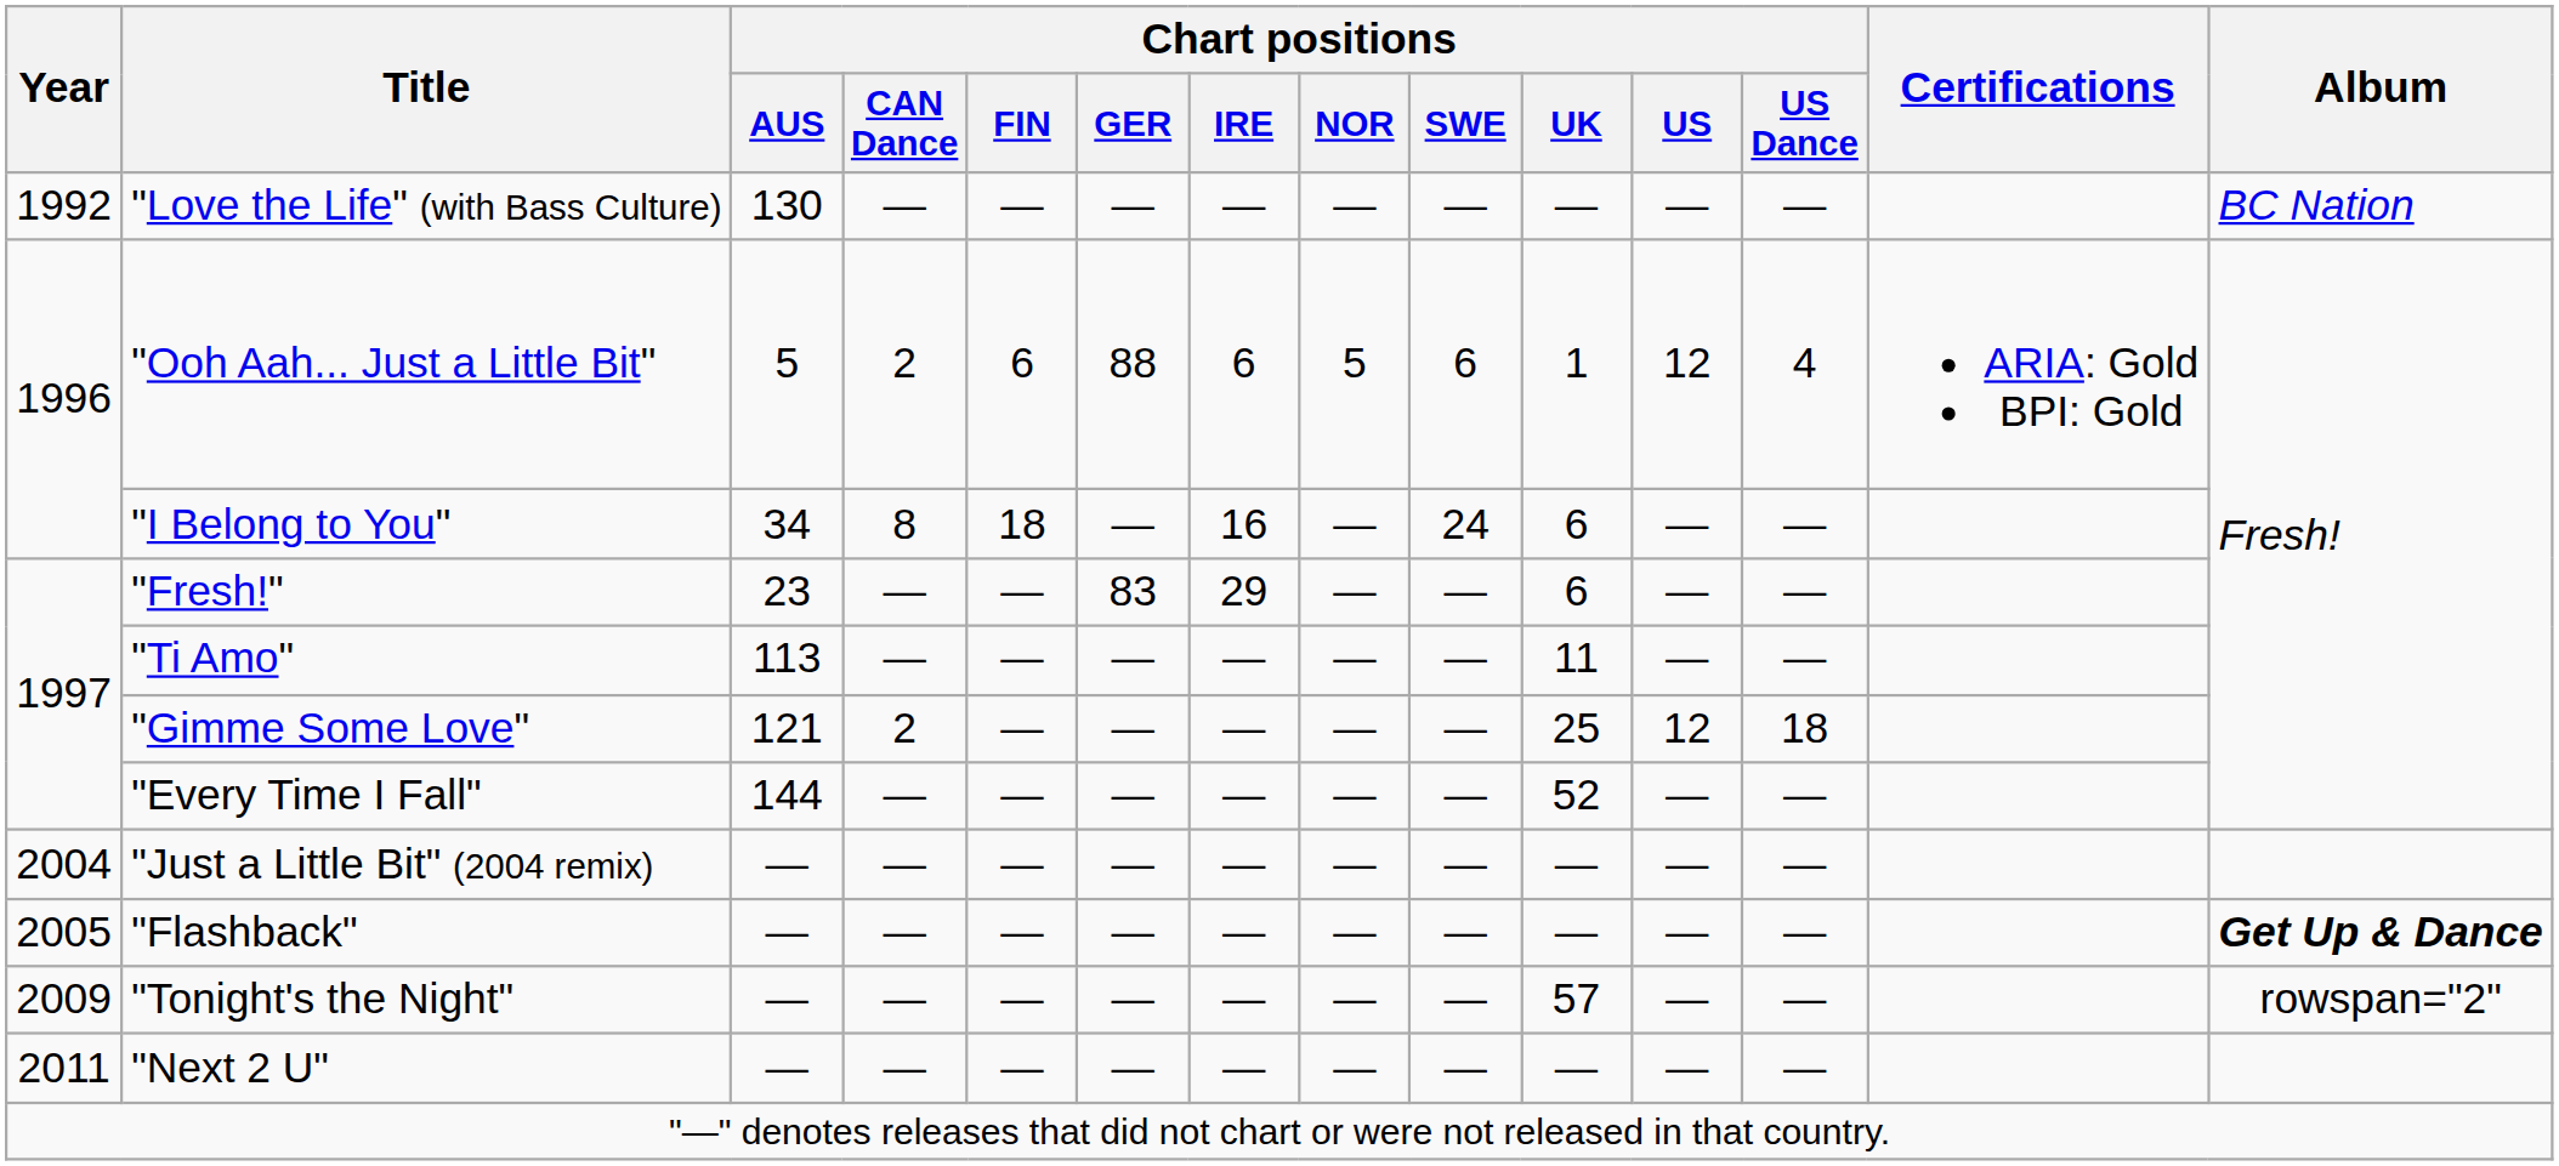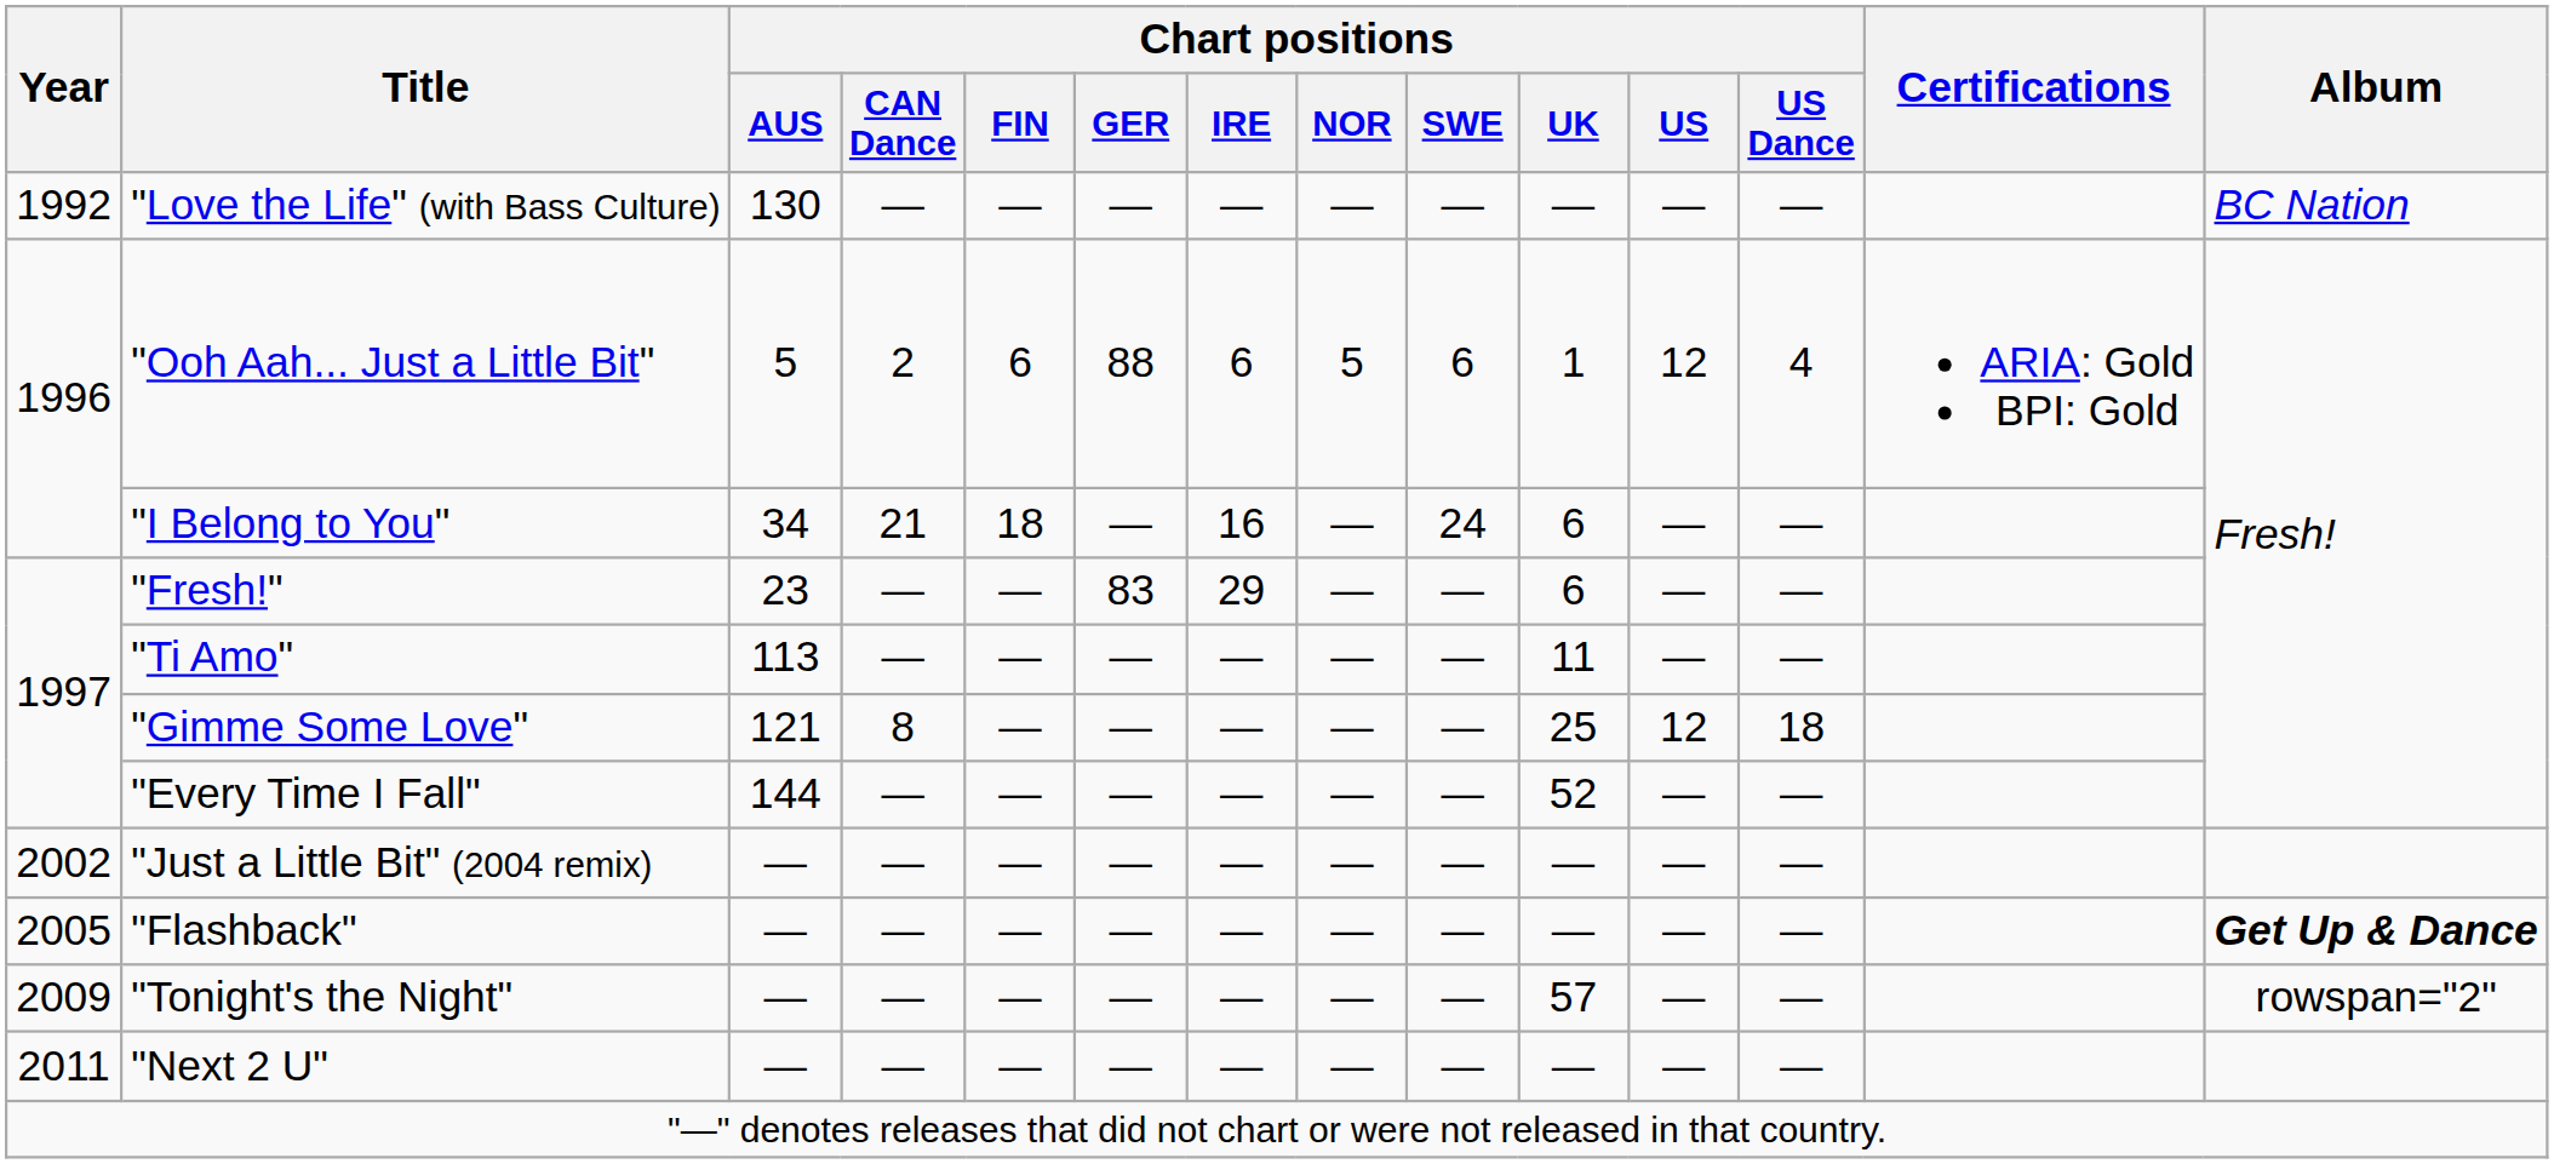 <table class="wikitable" style=text-align:center;>
 <tr>
 <th rowspan="2">Year</th>
 <th rowspan="2">Title</th>
 <th colspan="10">Chart positions</th>
 <th rowspan="2"><a href='#'>Certifications</a></th>
 <th rowspan="2">Album</th>
 </tr>
 <tr style="font-size:smaller;">
 <th width="35"><a href='#'>AUS</a><br></th>
 <th width="35"><a href='#'>CAN<br>Dance</a></th>
 <th width="35"><a href='#'>FIN</a><br></th>
 <th width="35"><a href='#'>GER</a><br></th>
 <th width="35"><a href='#'>IRE</a><br></th>
 <th width="35"><a href='#'>NOR</a><br></th>
 <th width="35"><a href='#'>SWE</a><br></th>
 <th width="35"><a href='#'>UK</a><br></th>
 <th width="35"><a href='#'>US</a></th>
 <th width="35"><a href='#'>US<br>Dance</a></th>
 </tr>
 <tr>
 <td>1992</td>
 <td align="left">"<a href='#'>Love the Life</a>" <small>(with Bass Culture)</small></td>
 <td>130</td>
 <td>—</td>
 <td>—</td>
 <td>—</td>
 <td>—</td>
 <td>—</td>
 <td>—</td>
 <td>—</td>
 <td>—</td>
 <td>—</td>
 <td></td>
 <td align="left"><em><a href='#'>BC Nation</a></em></td>
 </tr>
 <tr>
 <td rowspan="2">1996</td>
 <td align="left">"<a href='#'>Ooh Aah... Just a Little Bit</a>"</td>
 <td>5</td>
 <td>2</td>
 <td>6</td>
 <td>88</td>
 <td>6</td>
 <td>5</td>
 <td>6</td>
 <td>1</td>
 <td>12</td>
 <td>4</td>
 <td><br><ul><li><a href='#'>ARIA</a>: Gold</li><li>BPI: Gold</li></ul></td>
 <td align="left" rowspan="6"><em>Fresh!</em></td>
 </tr>
 <tr>
 <td align="left">"<a href='#'>I Belong to You</a>"</td>
 <td>34</td>
-<td>8</td>
+<td>21</td>
 <td>18</td>
 <td>—</td>
 <td>16</td>
 <td>—</td>
 <td>24</td>
 <td>6</td>
 <td>—</td>
 <td>—</td>
 <td></td>
 </tr>
 <tr>
 <td rowspan="4">1997</td>
 <td align="left">"<a href='#'>Fresh!</a>"</td>
 <td>23</td>
 <td>—</td>
 <td>—</td>
 <td>83</td>
 <td>29</td>
 <td>—</td>
 <td>—</td>
 <td>6</td>
 <td>—</td>
 <td>—</td>
 <td></td>
 </tr>
 <tr>
 <td align="left">"<a href='#'>Ti Amo</a>"</td>
 <td>113</td>
 <td>—</td>
 <td>—</td>
 <td>—</td>
 <td>—</td>
 <td>—</td>
 <td>—</td>
 <td>11</td>
 <td>—</td>
 <td>—</td>
 <td></td>
 </tr>
 <tr>
 <td align="left">"<a href='#'>Gimme Some Love</a>"</td>
 <td>121</td>
-<td>2</td>
+<td>8</td>
 <td>—</td>
 <td>—</td>
 <td>—</td>
 <td>—</td>
 <td>—</td>
 <td>25</td>
 <td>12</td>
 <td>18</td>
 <td></td>
 </tr>
 <tr>
 <td align="left">"Every Time I Fall"</td>
 <td>144</td>
 <td>—</td>
 <td>—</td>
 <td>—</td>
 <td>—</td>
 <td>—</td>
 <td>—</td>
 <td>52</td>
 <td>—</td>
 <td>—</td>
 <td></td>
 </tr>
 <tr>
-<td>2004</td>
+<td>2002</td>
 <td align="left">"Just a Little Bit" <small>(2004 remix)</small></td>
 <td>—</td>
 <td>—</td>
 <td>—</td>
 <td>—</td>
 <td>—</td>
 <td>—</td>
 <td>—</td>
 <td>—</td>
 <td>—</td>
 <td>—</td>
 <td></td>
 <td></td>
 </tr>
 <tr>
 <td>2005</td>
 <td align="left">"Flashback"</td>
 <td>—</td>
 <td>—</td>
 <td>—</td>
 <td>—</td>
 <td>—</td>
 <td>—</td>
 <td>—</td>
 <td>—</td>
 <td>—</td>
 <td>—</td>
 <td></td>
 <td align="left"><strong><em>Get Up & Dance</em></strong></td>
 </tr>
 <tr>
 <td>2009</td>
 <td align="left">"Tonight's the Night"</td>
 <td>—</td>
 <td>—</td>
 <td>—</td>
 <td>—</td>
 <td>—</td>
 <td>—</td>
 <td>—</td>
 <td>57</td>
 <td>—</td>
 <td>—</td>
 <td></td>
 <td>rowspan="2" </td>
 </tr>
 <tr>
 <td>2011</td>
 <td align="left">"Next 2 U"</td>
 <td>—</td>
 <td>—</td>
 <td>—</td>
 <td>—</td>
 <td>—</td>
 <td>—</td>
 <td>—</td>
 <td>—</td>
 <td>—</td>
 <td>—</td>
 <td></td>
 </tr>
 <tr>
 <td colspan="17" style="text-align:center; font-size:85%;">"—" denotes releases that did not chart or were not released in that country.</td>
 </tr>
 </table>
